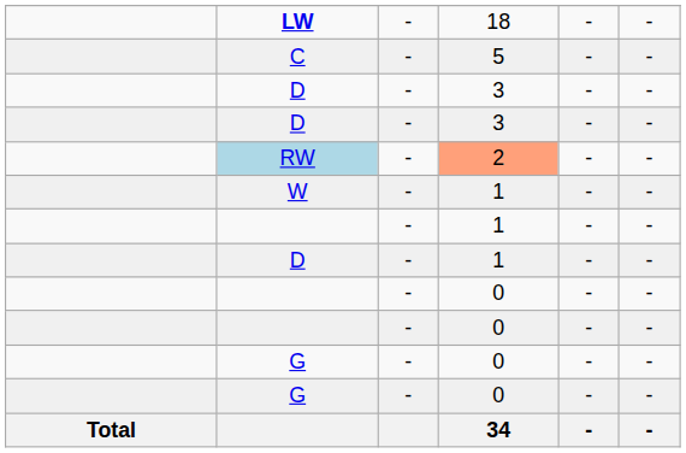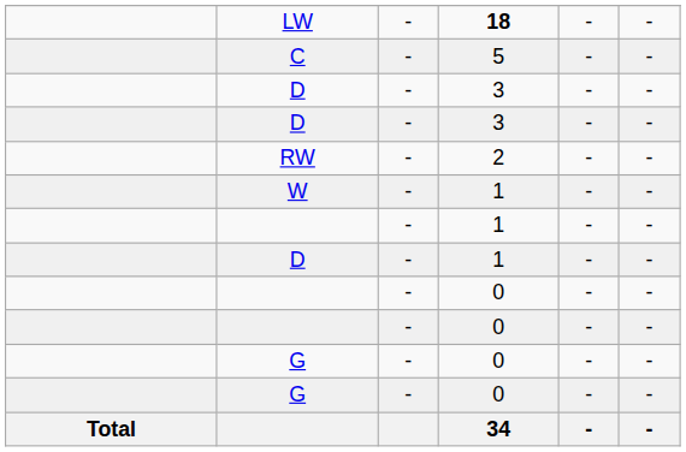 <table class="wikitable sortable" width ="40%">
 <tr align="center">
 </tr>
 <tr align="center">
 <td></td>
-<td><strong><a href='#'>LW</a></strong></td>
+<td><a href='#'>LW</a></td>
 <td>-</td>
-<td>18</td>
+<td><strong>18</strong></td>
 <td>-</td>
 <td>-</td>
 </tr>
 <tr align="center" bgcolor="f0f0f0">
 <td></td>
 <td><a href='#'>C</a></td>
 <td>-</td>
 <td>5</td>
 <td>-</td>
 <td>-</td>
 </tr>
 <tr align="center">
 <td></td>
 <td><a href='#'>D</a></td>
 <td>-</td>
 <td>3</td>
 <td>-</td>
 <td>-</td>
 </tr>
 <tr align="center" bgcolor="f0f0f0">
 <td></td>
 <td><a href='#'>D</a></td>
 <td>-</td>
 <td>3</td>
 <td>-</td>
 <td>-</td>
 </tr>
 <tr align="center">
 <td></td>
-<td style="background: lightblue;"><a href='#'>RW</a></td>
+<td><a href='#'>RW</a></td>
 <td>-</td>
-<td style="background: lightsalmon;">2</td>
+<td>2</td>
 <td>-</td>
 <td>-</td>
 </tr>
 <tr align="center" bgcolor="f0f0f0">
 <td></td>
 <td><a href='#'>W</a></td>
 <td>-</td>
 <td>1</td>
 <td>-</td>
 <td>-</td>
 </tr>
 <tr align="center">
 <td></td>
 <td></td>
 <td>-</td>
 <td>1</td>
 <td>-</td>
 <td>-</td>
 </tr>
 <tr align="center" bgcolor="f0f0f0">
 <td></td>
 <td><a href='#'>D</a></td>
 <td>-</td>
 <td>1</td>
 <td>-</td>
 <td>-</td>
 </tr>
 <tr align="center">
 <td></td>
 <td></td>
 <td>-</td>
 <td>0</td>
 <td>-</td>
 <td>-</td>
 </tr>
 <tr align="center" bgcolor="f0f0f0">
 <td></td>
 <td></td>
 <td>-</td>
 <td>0</td>
 <td>-</td>
 <td>-</td>
 </tr>
 <tr align="center">
 <td></td>
 <td><a href='#'>G</a></td>
 <td>-</td>
 <td>0</td>
 <td>-</td>
 <td>-</td>
 </tr>
 <tr align="center" bgcolor="f0f0f0">
 <td></td>
 <td><a href='#'>G</a></td>
 <td>-</td>
 <td>0</td>
 <td>-</td>
 <td>-</td>
 </tr>
 <tr>
 <th>Total</th>
 <th></th>
 <th></th>
 <th>34</th>
 <th>-</th>
 <th>-</th>
 </tr>
 </table>
